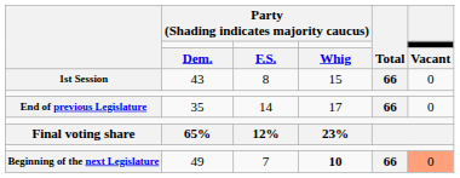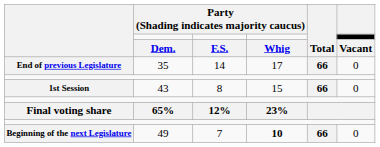 <table class=wikitable style="text-align:center">
 <tr style="vertical-align:bottom;">
 <th rowspan=3></th>
 <th colspan=3>Party <div>(Shading indicates majority caucus)</div></th>
 <th rowspan=3>Total</th>
 <th></th>
 </tr>
 <tr style="height:5px">
 <td style="background-color:"></td>
 <td style="background-color:"></td>
 <td style="background-color:"></td>
 <td style="background:black;"></td>
 </tr>
 <tr>
 <th><a href='#'>Dem.</a></th>
 <th><a href='#'>F.S.</a></th>
 <th><a href='#'>Whig</a></th>
 <th>Vacant</th>
 </tr>
 <tr>
-<th style="font-size:80%;">1st Session</th>
-<td>43</td>
-<td>8</td>
-<td>15</td>
+<th style="font-size:80%;">End of <a href='#'>previous Legislature</a></th>
+<td>35</td>
+<td>14</td>
+<td>17</td>
 <th>66</th>
 <td>0</td>
 </tr>
 <tr>
 <td colspan=6></td>
 </tr>
 <tr>
-<th style="font-size:80%;">End of <a href='#'>previous Legislature</a></th>
-<td>35</td>
-<td>14</td>
-<td>17</td>
+<th style="font-size:80%;">1st Session</th>
+<td>43</td>
+<td>8</td>
+<td>15</td>
 <th>66</th>
 <td>0</td>
 </tr>
 <tr>
 <td colspan=6></td>
 </tr>
 <tr>
 <th>Final voting share</th>
 <th>65%</th>
 <th>12%</th>
 <th>23%</th>
 <th colspan=2></th>
 </tr>
 <tr>
 <td colspan=6></td>
 </tr>
 <tr>
 <th style="font-size:80%;">Beginning of the <a href='#'>next Legislature</a></th>
 <td>49</td>
 <td>7</td>
 <td><strong>10</strong></td>
 <th>66</th>
-<td style="background: lightsalmon;">0</td>
+<td>0</td>
 </tr>
 </table>
